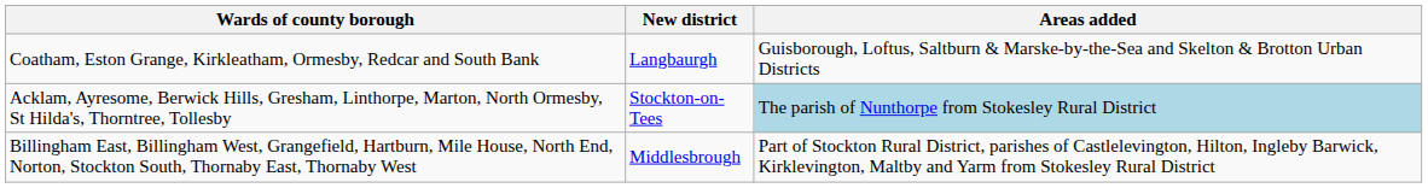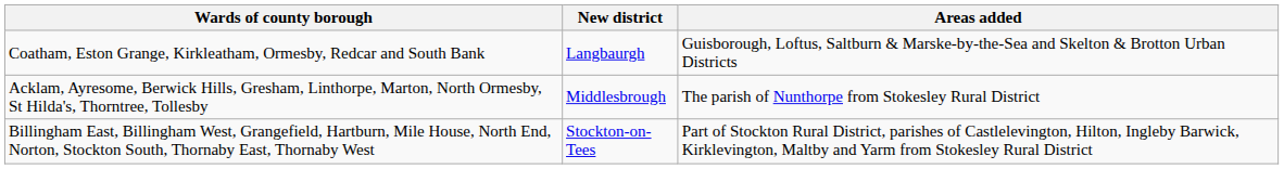 <table class="wikitable">
 <tr>
 <th>Wards of county borough</th>
 <th>New district</th>
 <th>Areas added</th>
 </tr>
 <tr>
 <td>Coatham, Eston Grange, Kirkleatham, Ormesby, Redcar and South Bank</td>
 <td><a href='#'>Langbaurgh</a></td>
 <td>Guisborough, Loftus, Saltburn & Marske-by-the-Sea and Skelton & Brotton Urban Districts</td>
 </tr>
 <tr>
 <td>Acklam, Ayresome, Berwick Hills, Gresham, Linthorpe, Marton, North Ormesby, St Hilda's, Thorntree, Tollesby</td>
-<td><a href='#'>Stockton-on-Tees</a></td>
-<td style="background: lightblue;">The parish of <a href='#'>Nunthorpe</a> from Stokesley Rural District</td>
+<td><a href='#'>Middlesbrough</a></td>
+<td>The parish of <a href='#'>Nunthorpe</a> from Stokesley Rural District</td>
 </tr>
 <tr>
 <td>Billingham East, Billingham West, Grangefield, Hartburn, Mile House, North End, Norton, Stockton South, Thornaby East, Thornaby West</td>
-<td><a href='#'>Middlesbrough</a></td>
+<td><a href='#'>Stockton-on-Tees</a></td>
 <td>Part of Stockton Rural District, parishes of Castlelevington, Hilton, Ingleby Barwick, Kirklevington, Maltby and Yarm from Stokesley Rural District</td>
 </tr>
 </table>
